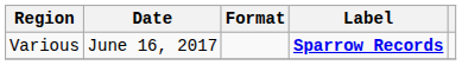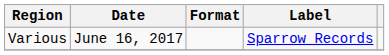 <table class="wikitable plainrowheaders">
 <tr>
 <th scope="col">Region</th>
 <th scope="col">Date</th>
 <th scope="col">Format</th>
 <th scope="col">Label</th>
 <th scope="col"></th>
 </tr>
 <tr>
 <td>Various</td>
 <td>June 16, 2017</td>
 <td></td>
-<td><strong><a href='#'>Sparrow Records</a></strong></td>
+<td><a href='#'>Sparrow Records</a></td>
 <td></td>
 </tr>
 <tr>
 </tr>
 </table>
